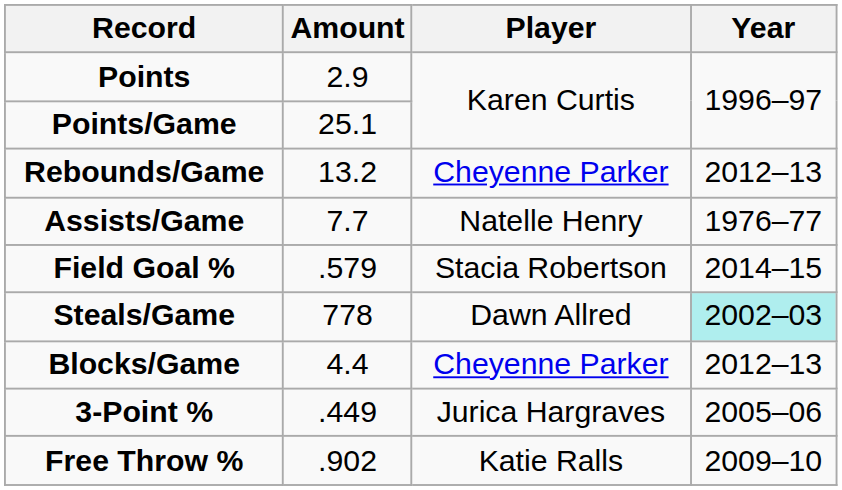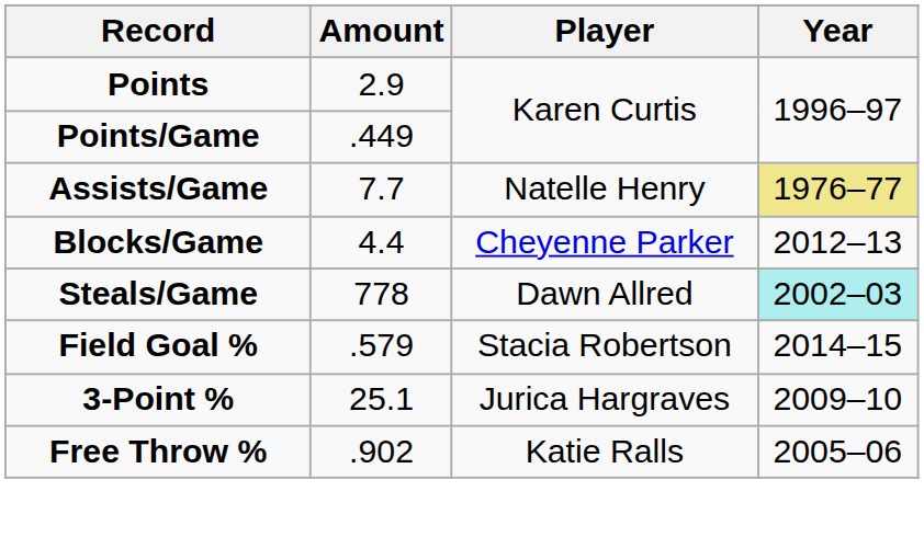 <table class="wikitable">
 <tr>
 <th style="width:140px; ">Record</th>
 <th style="width:35px; ">Amount</th>
 <th style="width:140px; ">Player</th>
 <th style="width:70px; ">Year</th>
 </tr>
 <tr style="text-align:center;">
 <td><strong>Points</strong></td>
 <td>2.9</td>
 <td rowspan=2>Karen Curtis</td>
 <td rowspan=2>1996–97</td>
 </tr>
 <tr style="text-align:center;">
 <td><strong>Points/Game</strong></td>
-<td>25.1</td>
-</tr>
-<tr style="text-align:center;">
-<td><strong>Rebounds/Game</strong></td>
-<td>13.2</td>
-<td><a href='#'>Cheyenne Parker</a></td>
-<td>2012–13</td>
+<td>.449</td>
 </tr>
 <tr style="text-align:center;">
 <td><strong>Assists/Game</strong></td>
 <td>7.7</td>
 <td>Natelle Henry</td>
-<td>1976–77</td>
+<td style="background: khaki;">1976–77</td>
+</tr>
+<tr style="text-align:center;">
+<td><strong>Blocks/Game</strong></td>
+<td>4.4</td>
+<td><a href='#'>Cheyenne Parker</a></td>
+<td>2012–13</td>
+</tr>
+<tr style="text-align:center;">
+<td><strong>Steals/Game</strong></td>
+<td>778</td>
+<td>Dawn Allred</td>
+<td style="background: paleturquoise;">2002–03</td>
 </tr>
 <tr style="text-align:center;">
 <td><strong>Field Goal %</strong></td>
 <td>.579</td>
 <td>Stacia Robertson</td>
 <td>2014–15</td>
 </tr>
 <tr style="text-align:center;">
-<td><strong>Steals/Game</strong></td>
-<td>778</td>
-<td>Dawn Allred</td>
-<td style="background: paleturquoise;">2002–03</td>
-</tr>
-<tr style="text-align:center;">
-<td><strong>Blocks/Game</strong></td>
-<td>4.4</td>
-<td><a href='#'>Cheyenne Parker</a></td>
-<td>2012–13</td>
-</tr>
-<tr style="text-align:center;">
 <td><strong>3-Point %</strong></td>
-<td>.449</td>
+<td>25.1</td>
 <td>Jurica Hargraves</td>
-<td>2005–06</td>
+<td>2009–10</td>
 </tr>
 <tr style="text-align:center;">
 <td><strong>Free Throw %</strong></td>
 <td>.902</td>
 <td>Katie Ralls</td>
-<td>2009–10</td>
+<td>2005–06</td>
 </tr>
 </table>
